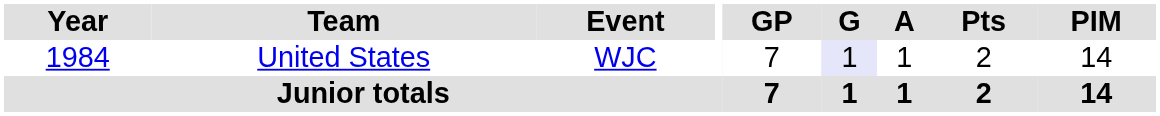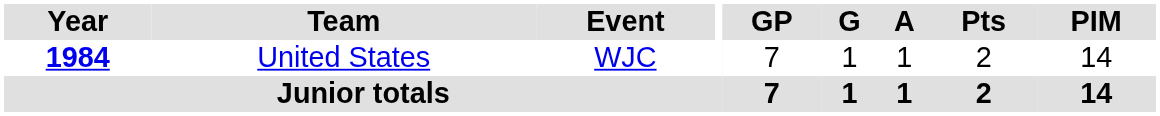 <table border="0" cellpadding="1" cellspacing="0" ID="Table3" style="text-align:center; width:40em">
 <tr bgcolor="#e0e0e0">
 <th>Year</th>
 <th>Team</th>
 <th>Event</th>
 <th rowspan="102" bgcolor="#ffffff"></th>
 <th>GP</th>
 <th>G</th>
 <th>A</th>
 <th>Pts</th>
 <th>PIM</th>
 </tr>
 <tr>
-<td><a href='#'>1984</a></td>
+<td><strong><a href='#'>1984</a></strong></td>
 <td><a href='#'>United States</a></td>
 <td><a href='#'>WJC</a></td>
 <td>7</td>
-<td style="background: lavender;">1</td>
+<td>1</td>
 <td>1</td>
 <td>2</td>
 <td>14</td>
 </tr>
 <tr bgcolor="#e0e0e0">
 <th colspan="4">Junior totals</th>
 <th>7</th>
 <th>1</th>
 <th>1</th>
 <th>2</th>
 <th>14</th>
 </tr>
 </table>
